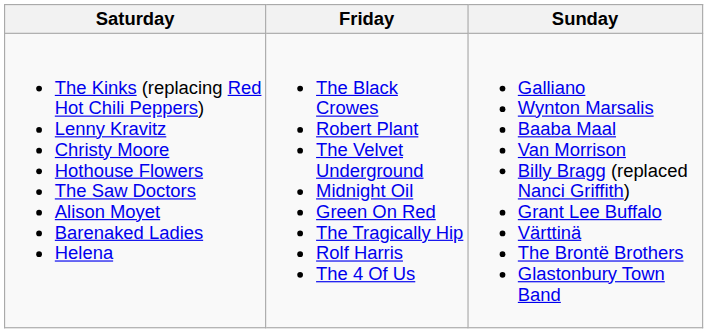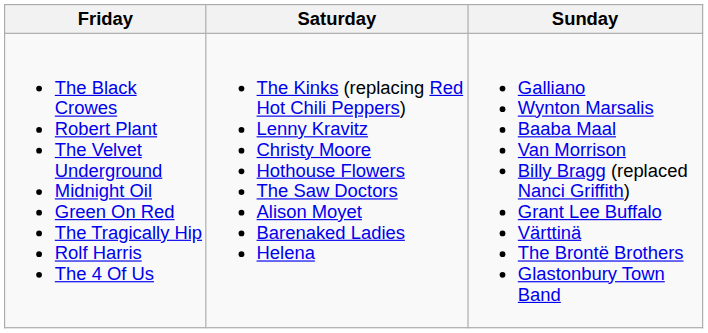 <table class="wikitable">
 <tr>
+<th>Friday</th>
 <th>Saturday</th>
-<th>Friday</th>
 <th>Sunday</th>
 </tr>
 <tr valign="top">
+<td><br><ul><li><a href='#'>The Black Crowes</a></li><li><a href='#'>Robert Plant</a></li><li><a href='#'>The Velvet Underground</a></li><li><a href='#'>Midnight Oil</a></li><li><a href='#'>Green On Red</a></li><li><a href='#'>The Tragically Hip</a></li><li><a href='#'>Rolf Harris</a></li><li><a href='#'>The 4 Of Us</a></li></ul></td>
 <td><br><ul><li><a href='#'>The Kinks</a> (replacing <a href='#'>Red Hot Chili Peppers</a>)</li><li><a href='#'>Lenny Kravitz</a></li><li><a href='#'>Christy Moore</a></li><li><a href='#'>Hothouse Flowers</a></li><li><a href='#'>The Saw Doctors</a></li><li><a href='#'>Alison Moyet</a></li><li><a href='#'>Barenaked Ladies</a></li><li><a href='#'>Helena</a></li></ul></td>
-<td><br><ul><li><a href='#'>The Black Crowes</a></li><li><a href='#'>Robert Plant</a></li><li><a href='#'>The Velvet Underground</a></li><li><a href='#'>Midnight Oil</a></li><li><a href='#'>Green On Red</a></li><li><a href='#'>The Tragically Hip</a></li><li><a href='#'>Rolf Harris</a></li><li><a href='#'>The 4 Of Us</a></li></ul></td>
 <td><br><ul><li><a href='#'>Galliano</a></li><li><a href='#'>Wynton Marsalis</a></li><li><a href='#'>Baaba Maal</a></li><li><a href='#'>Van Morrison</a></li><li><a href='#'>Billy Bragg</a> (replaced <a href='#'>Nanci Griffith</a>)</li><li><a href='#'>Grant Lee Buffalo</a></li><li><a href='#'>Värttinä</a></li><li><a href='#'>The Brontë Brothers</a></li><li><a href='#'>Glastonbury Town Band</a></li></ul></td>
 </tr>
 </table>
